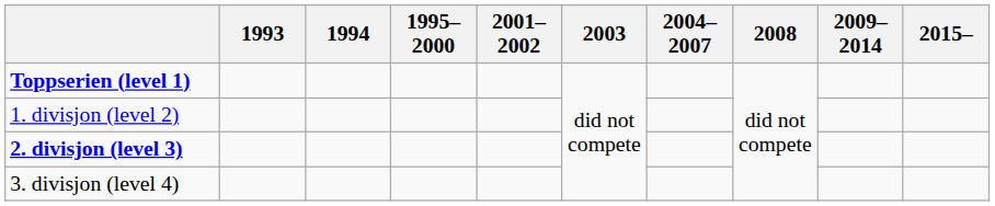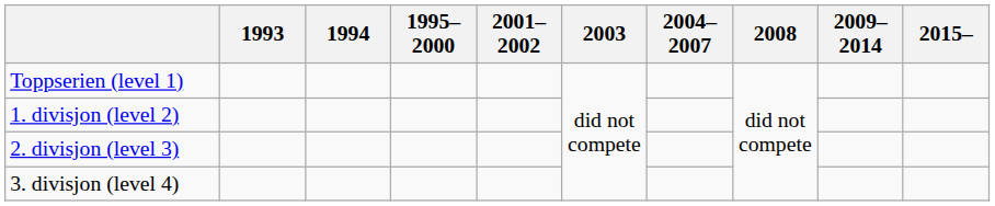 <table class="wikitable">
 <tr>
 <th style="width: 9.5em;"></th>
 <th style="width: 3.5em;">1993</th>
 <th style="width: 3.5em;">1994</th>
 <th style="width: 3.5em;">1995–2000</th>
 <th style="width: 3.5em;">2001–2002</th>
 <th style="width: 3.5em;">2003</th>
 <th style="width: 3.5em;">2004–2007</th>
 <th style="width: 3.5em;">2008</th>
 <th style="width: 3.5em;">2009–2014</th>
 <th style="width: 3.5em;">2015–</th>
 </tr>
 <tr>
-<td><strong><a href='#'>Toppserien (level 1)</a></strong></td>
+<td><a href='#'>Toppserien (level 1)</a></td>
 <td></td>
 <td></td>
 <td></td>
 <td></td>
 <td rowspan=4 align=center>did not<br>compete</td>
 <td></td>
 <td rowspan=4 align=center>did not<br>compete</td>
 <td></td>
 <td></td>
 </tr>
 <tr>
 <td><a href='#'>1. divisjon (level 2)</a></td>
 <td></td>
 <td></td>
 <td></td>
 <td></td>
 <td></td>
 <td></td>
 <td></td>
 </tr>
 <tr>
-<td><strong><a href='#'>2. divisjon (level 3)</a></strong></td>
+<td><a href='#'>2. divisjon (level 3)</a></td>
 <td></td>
 <td></td>
 <td></td>
 <td></td>
 <td></td>
 <td></td>
 <td></td>
 </tr>
 <tr>
 <td>3. divisjon (level 4)</td>
 <td></td>
 <td></td>
 <td></td>
 <td></td>
 <td></td>
 <td></td>
 <td></td>
 </tr>
 </table>
